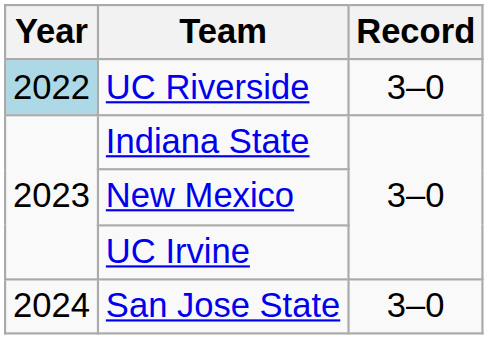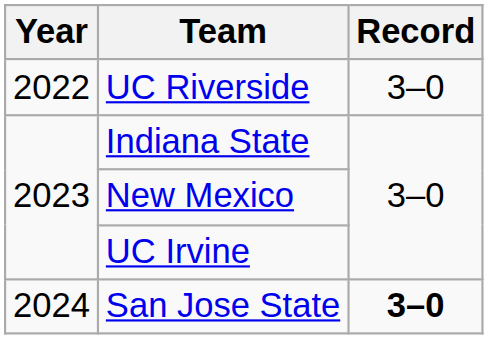 <table class="wikitable">
 <tr>
 <th>Year</th>
 <th>Team</th>
 <th>Record</th>
 </tr>
 <tr>
-<td style="background: lightblue;">2022</td>
+<td>2022</td>
 <td><a href='#'>UC Riverside</a></td>
 <td style="text-align:center;">3–0</td>
 </tr>
 <tr>
 <td rowspan="3">2023</td>
 <td><a href='#'>Indiana State</a></td>
 <td rowspan="3" style="text-align:center;">3–0</td>
 </tr>
 <tr>
 <td><a href='#'>New Mexico</a></td>
 </tr>
 <tr>
 <td><a href='#'>UC Irvine</a></td>
 </tr>
 <tr>
 <td>2024</td>
 <td><a href='#'>San Jose State</a></td>
-<td style="text-align:center;">3–0</td>
+<td style="text-align:center;"><strong>3–0</strong></td>
 </tr>
 </table>
